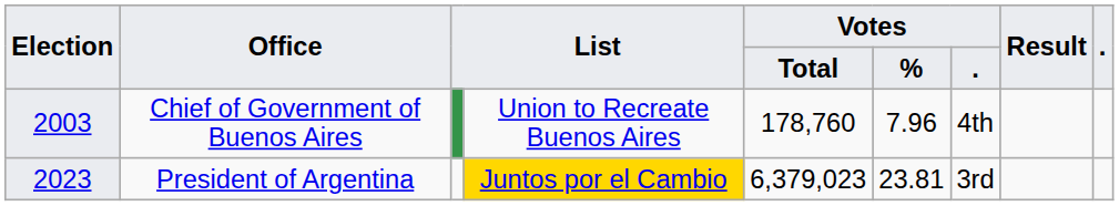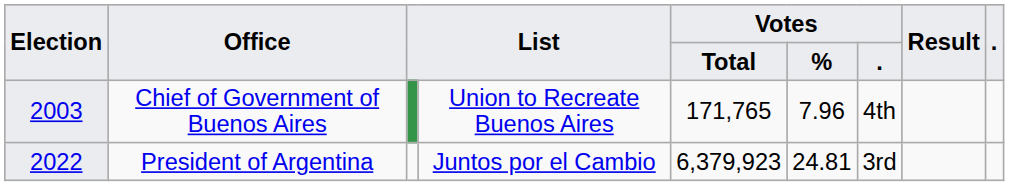 <table class="wikitable" style="font-size:90%; text-align:center;">
 <tr>
 <th style="background-color:#EAECF0;" rowspan=2>Election</th>
 <th style="background-color:#EAECF0;" rowspan=2>Office</th>
 <th style="background-color:#EAECF0;" colspan=2 rowspan=2>List</th>
 <th style="background-color:#EAECF0;" colspan=3>Votes</th>
 <th style="background-color:#EAECF0;" rowspan=2>Result</th>
 <th style="background-color:#EAECF0;" rowspan=2>.</th>
 </tr>
 <tr>
 <th style="background-color:#EAECF0;">Total</th>
 <th style="background-color:#EAECF0;">%</th>
 <th style="background-color:#EAECF0;">.</th>
 </tr>
 <tr>
 <td style="background-color:#EAECF0;"><a href='#'>2003</a></td>
 <td><a href='#'>Chief of Government of Buenos Aires</a></td>
 <td style="background-color:#349448;"></td>
 <td><a href='#'>Union to Recreate Buenos Aires</a></td>
-<td>178,760</td>
+<td>171,765</td>
 <td>7.96</td>
 <td>4th</td>
 <td></td>
 <td></td>
 </tr>
 <tr>
-<td style="background-color:#EAECF0;"><a href='#'>2023</a></td>
+<td style="background-color:#EAECF0;"><a href='#'>2022</a></td>
 <td><a href='#'>President of Argentina</a></td>
 <td style="background-color:"></td>
-<td style="background: gold;"><a href='#'>Juntos por el Cambio</a></td>
-<td>6,379,023</td>
-<td>23.81</td>
+<td><a href='#'>Juntos por el Cambio</a></td>
+<td>6,379,923</td>
+<td>24.81</td>
 <td>3rd</td>
 <td></td>
 <td></td>
 </tr>
 </table>
